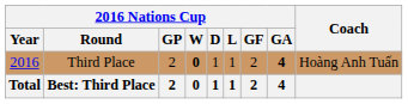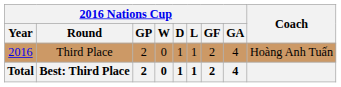 <table class="wikitable" style="text-align:center;">
 <tr>
 <th colspan=8><a href='#'>2016 Nations Cup</a></th>
 <th rowspan=2>Coach</th>
 </tr>
 <tr>
 <th>Year</th>
 <th>Round</th>
 <th>GP</th>
 <th>W</th>
 <th>D</th>
 <th>L</th>
 <th>GF</th>
 <th>GA</th>
 </tr>
 <tr style="background-color:#cc9966;">
 <td> <a href='#'>2016</a></td>
 <td>Third Place</td>
 <td>2</td>
-<td><strong>0</strong></td>
+<td>0</td>
 <td>1</td>
 <td>1</td>
 <td>2</td>
-<td><strong>4</strong></td>
+<td>4</td>
 <td style="text-align:left;"> Hoàng Anh Tuấn</td>
 </tr>
 <tr>
 <th>Total</th>
 <th>Best: Third Place</th>
 <th>2</th>
 <th>0</th>
 <th>1</th>
 <th>1</th>
 <th>2</th>
 <th>4</th>
 <th></th>
 </tr>
 </table>
